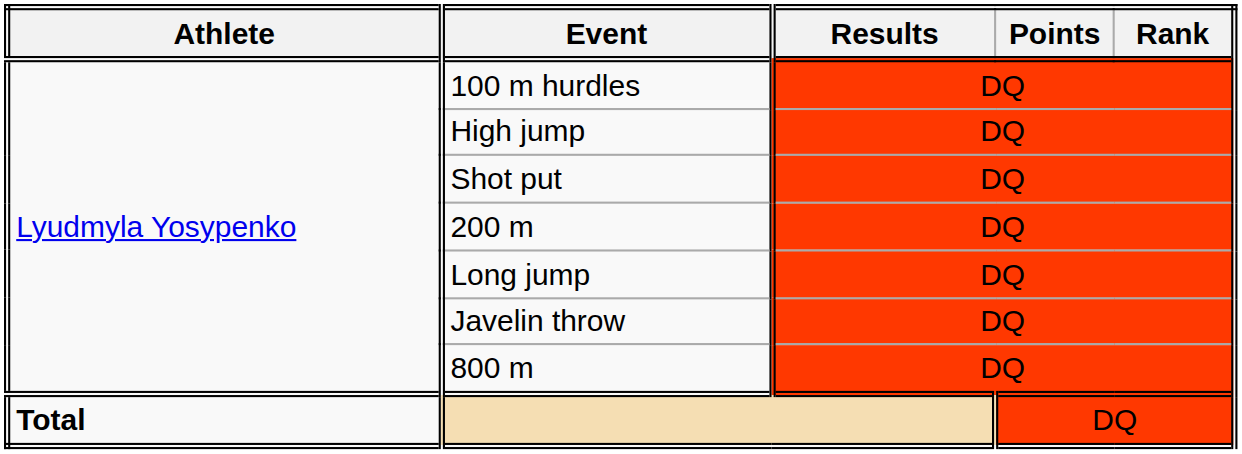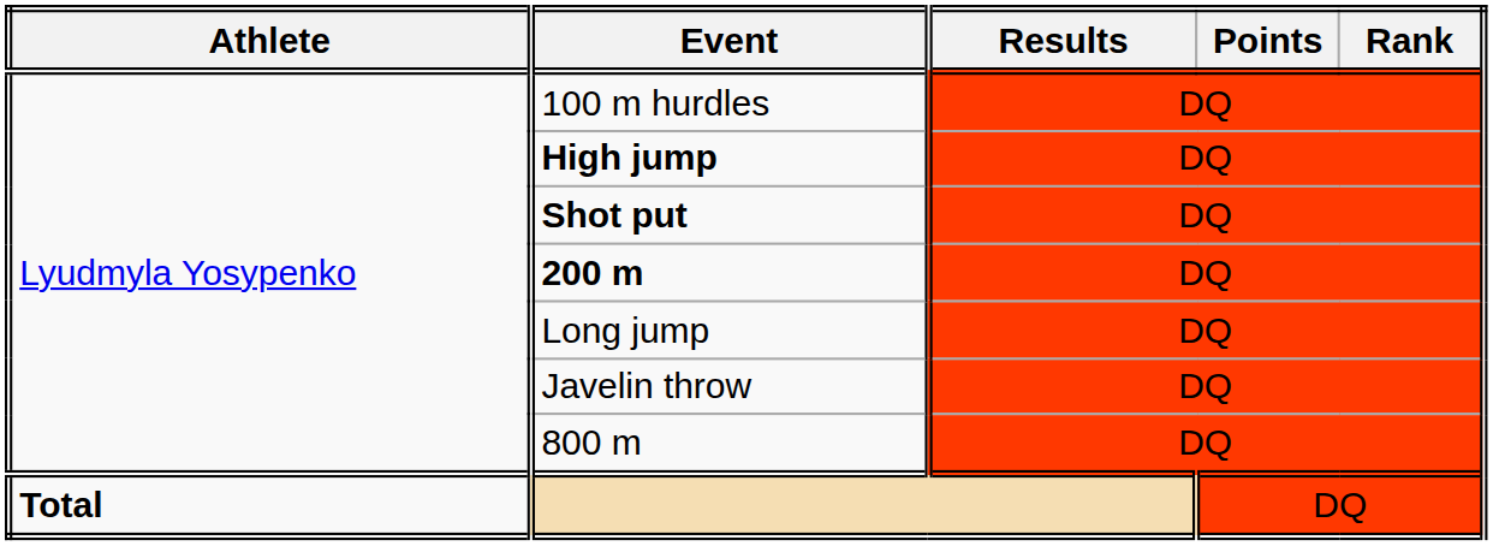 <table class=wikitable style="font-size:90%; border: double;">
 <tr>
 <th style="border-right:double" width=200>Athlete</th>
 <th style="border-right:double" width=150>Event</th>
 <th width=100>Results</th>
 <th width=50>Points</th>
 <th width=50>Rank</th>
 </tr>
 <tr style="border-top: double;">
 <td style="border-right:double" rowspan="7"><a href='#'>Lyudmyla Yosypenko</a></td>
 <td style="border-right:double">100 m hurdles</td>
 <td colspan="3" bgcolor="#FF3800" align=center style="border-right:double">DQ</td>
 </tr>
 <tr>
-<td style="border-right:double">High jump</td>
+<td style="border-right:double"><strong>High jump</strong></td>
 <td colspan="3" bgcolor="#FF3800" align=center style="border-right:double">DQ</td>
 </tr>
 <tr>
-<td style="border-right:double">Shot put</td>
+<td style="border-right:double"><strong>Shot put</strong></td>
 <td colspan="3" bgcolor="#FF3800" align=center style="border-right:double">DQ</td>
 </tr>
 <tr>
-<td style="border-right:double">200 m</td>
+<td style="border-right:double"><strong>200 m</strong></td>
 <td colspan="3" bgcolor="#FF3800" align=center style="border-right:double">DQ</td>
 </tr>
 <tr>
 <td style="border-right:double">Long jump</td>
 <td colspan="3" bgcolor="#FF3800" align=center style="border-right:double">DQ</td>
 </tr>
 <tr>
 <td style="border-right:double">Javelin throw</td>
 <td colspan="3" bgcolor="#FF3800" align=center style="border-right:double">DQ</td>
 </tr>
 <tr>
 <td style="border-right:double">800 m</td>
 <td colspan="3" bgcolor="#FF3800" align=center style="border-right:double">DQ</td>
 </tr>
 <tr style="border-top:double;">
 <td style="border-right:double"><strong>Total</strong></td>
 <td colspan="2" style="background:wheat; border-right:double;"></td>
 <td colspan="3" bgcolor="#FF3800" align=center style="border-right:double">DQ</td>
 </tr>
 </table>
